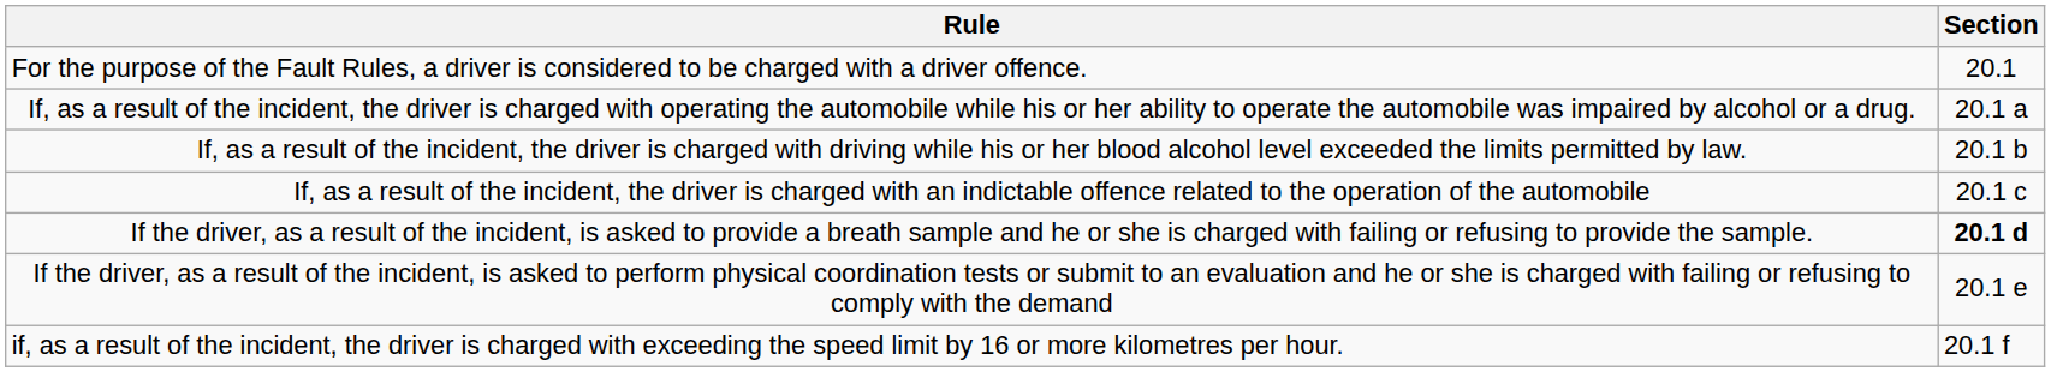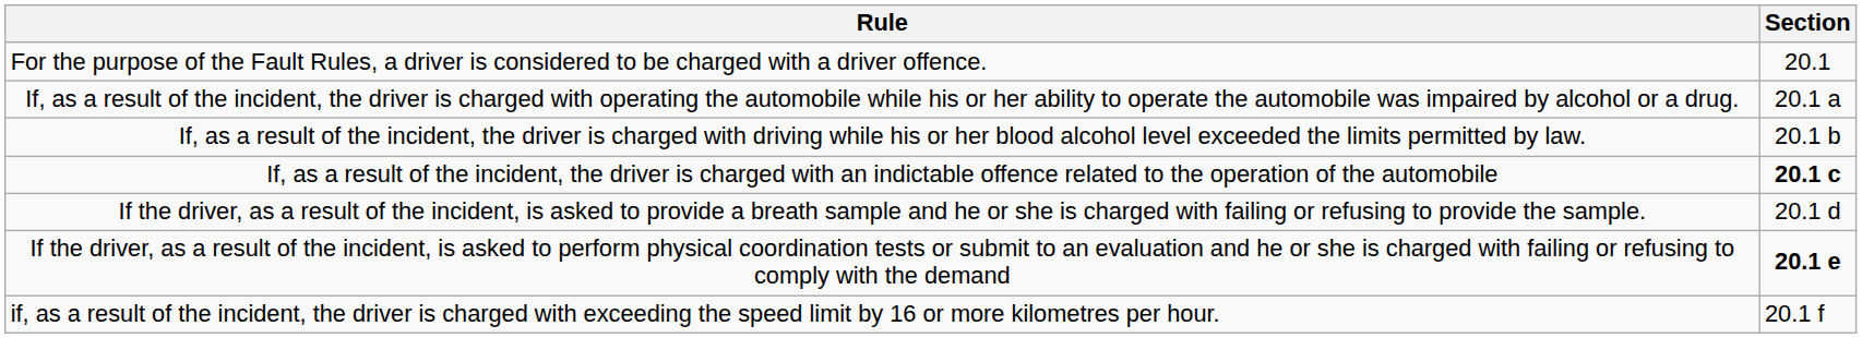 <table class="wikitable">
 <tr>
 <th style="text-align: center; font-weight: bold;">Rule</th>
 <th style="text-align: center; font-weight: bold;">Section</th>
 </tr>
 <tr>
 <td>For the purpose of the Fault Rules, a driver is considered to be charged with a driver offence.</td>
 <td style="text-align: center;">20.1</td>
 </tr>
 <tr>
 <td style="text-align: center;">If, as a result of the incident, the driver is charged with operating the automobile while his or her ability to operate the automobile was impaired by alcohol or a drug.</td>
 <td style="text-align: center;">20.1 a</td>
 </tr>
 <tr>
 <td style="text-align: center;">If, as a result of the incident, the driver is charged with driving while his or her blood alcohol level exceeded the limits permitted by law.</td>
 <td style="text-align: center;">20.1 b</td>
 </tr>
 <tr>
 <td style="text-align: center;">If, as a result of the incident, the driver is charged with an indictable offence related to the operation of the automobile</td>
-<td style="text-align: center;">20.1 c</td>
+<td style="text-align: center;"><strong>20.1 c</strong></td>
 </tr>
 <tr>
 <td style="text-align: center;">If the driver, as a result of the incident, is asked to provide a breath sample and he or she is charged with failing or refusing to provide the sample.</td>
-<td style="text-align: center;"><strong>20.1 d</strong></td>
+<td style="text-align: center;">20.1 d</td>
 </tr>
 <tr>
 <td style="text-align: center;">If the driver, as a result of the incident, is asked to perform physical coordination tests or submit to an evaluation and he or she is charged with failing or refusing to comply with the demand</td>
-<td style="text-align: center;">20.1 e</td>
+<td style="text-align: center;"><strong>20.1 e</strong></td>
 </tr>
 <tr>
 <td>if, as a result of the incident, the driver is charged with exceeding the speed limit by 16 or more kilometres per hour.</td>
 <td>20.1 f</td>
 </tr>
 </table>
